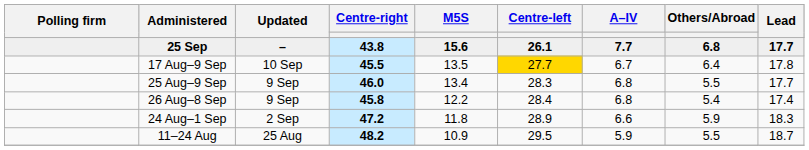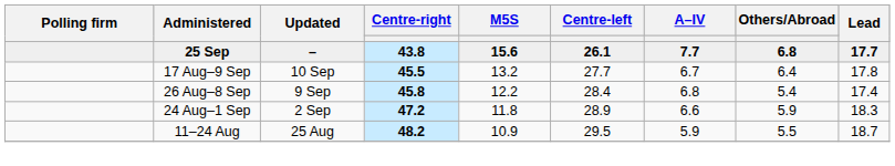 <table class="wikitable mw-collapsible" style="text-align:center;font-size:85%;line-height:13px">
 <tr style="height:30px; background-color:#8B8B8B">
 <th rowspan="2" style="width:150px;">Polling firm</th>
 <th rowspan="2" style="width:100px;">Administered</th>
 <th rowspan="2" style="width:100px;">Updated</th>
 <th style="width:90px;"><a href='#'>Centre-right</a></th>
 <th style="width:90px;"><a href='#'>M5S</a></th>
 <th style="width:90px;"><a href='#'>Centre-left</a></th>
 <th style="width:90px;"><a href='#'>A–IV</a></th>
 <th style="width:90px;">Others/Abroad</th>
 <th style="width:45px;" rowspan="2">Lead</th>
 </tr>
 <tr>
 <th style="background:"></th>
 <th style="background:"></th>
 <th style="background:"></th>
 <th style="background:"></th>
 <th style="background:"></th>
 </tr>
 <tr style="background:#EFEFEF; font-weight:bold;">
 <td></td>
 <td>25 Sep</td>
 <td>–</td>
 <td style="background:#C8EBFF">43.8</td>
 <td>15.6</td>
 <td>26.1</td>
 <td>7.7</td>
 <td>6.8</td>
 <td style="background:">17.7</td>
 </tr>
 <tr>
 <td></td>
 <td>17 Aug–9 Sep</td>
 <td>10 Sep</td>
 <td style="background:#C8EBFF"><strong>45.5</strong></td>
-<td>13.5</td>
-<td style="background: gold;">27.7</td>
+<td>13.2</td>
+<td>27.7</td>
 <td>6.7</td>
 <td>6.4</td>
 <td style="background:">17.8</td>
-</tr>
-<tr>
-<td></td>
-<td>25 Aug–9 Sep</td>
-<td>9 Sep</td>
-<td style="background:#C8EBFF"><strong>46.0</strong></td>
-<td>13.4</td>
-<td>28.3</td>
-<td>6.8</td>
-<td>5.5</td>
-<td style="background:">17.7</td>
 </tr>
 <tr>
 <td></td>
 <td>26 Aug–8 Sep</td>
 <td>9 Sep</td>
 <td style="background:#C8EBFF"><strong>45.8</strong></td>
 <td>12.2</td>
 <td>28.4</td>
 <td>6.8</td>
 <td>5.4</td>
 <td style="background:">17.4</td>
 </tr>
 <tr>
 <td></td>
 <td>24 Aug–1 Sep</td>
 <td>2 Sep</td>
 <td style="background:#C8EBFF"><strong>47.2</strong></td>
 <td>11.8</td>
 <td>28.9</td>
 <td>6.6</td>
 <td>5.9</td>
 <td style="background:">18.3</td>
 </tr>
 <tr>
 <td></td>
 <td>11–24 Aug</td>
 <td>25 Aug</td>
 <td style="background:#C8EBFF"><strong>48.2</strong></td>
 <td>10.9</td>
 <td>29.5</td>
 <td>5.9</td>
 <td>5.5</td>
 <td style="background:">18.7</td>
 </tr>
 <tr>
 </tr>
 </table>
